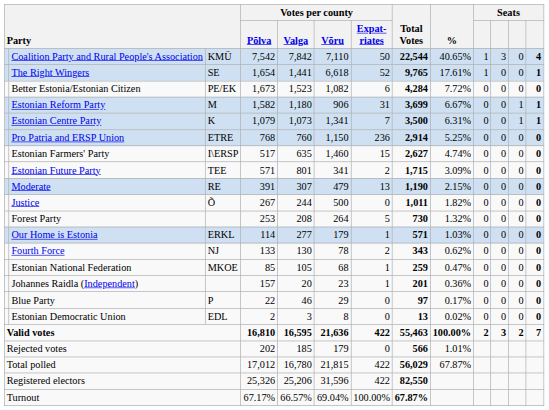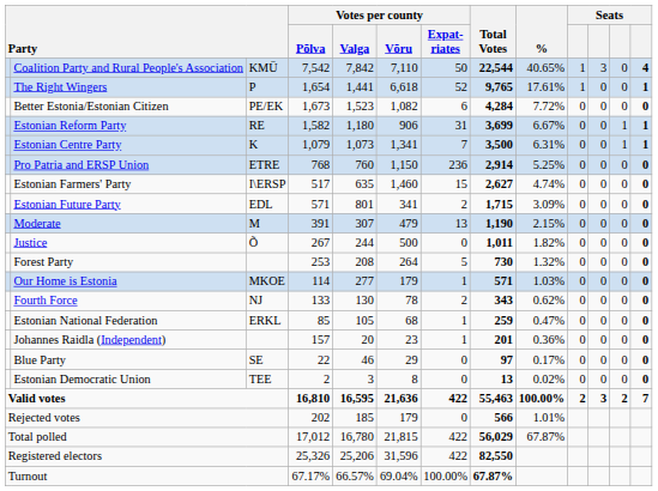 <table class="wikitable" border="1" style="text-align:right;">
 <tr>
 <th style="text-align:left;" valign=bottom rowspan=2 colspan=3>Party</th>
 <th colspan=4>Votes per county</th>
 <th align=center valign=bottom rowspan=2 width="50">Total Votes</th>
 <th align=center valign=bottom rowspan=2 width="50">%</th>
 <th colspan=4>Seats</th>
 </tr>
 <tr>
 <th align=center valign=bottom width="50"><a href='#'>Põlva</a></th>
 <th align=center valign=bottom width="50"><a href='#'>Valga</a></th>
 <th align=center valign=bottom width="50"><a href='#'>Võru</a></th>
 <th align=center valign=bottom width="50"><a href='#'>Expat- riates</a></th>
 <th align=center valign=bottom width="20"><small></small></th>
 <th align=center valign=bottom width="20"><small></small></th>
 <th align=center valign=bottom width="20"><small></small></th>
 <th align=center valign=bottom width="20"><small></small></th>
 </tr>
 <tr style="background:#CEE0F2;">
 <td style="background:"></td>
 <td align=left><a href='#'>Coalition Party and Rural People's Association</a></td>
 <td align=left>KMÜ</td>
 <td>7,542</td>
 <td>7,842</td>
 <td>7,110</td>
 <td>50</td>
 <td><strong>22,544</strong></td>
 <td>40.65%</td>
 <td>1</td>
 <td>3</td>
 <td>0</td>
 <td><strong>4</strong></td>
 </tr>
 <tr style="background:#CEE0F2;">
 <td></td>
 <td align=left><a href='#'>The Right Wingers</a></td>
-<td align=left>SE</td>
+<td align=left>P</td>
 <td>1,654</td>
 <td>1,441</td>
 <td>6,618</td>
 <td>52</td>
 <td><strong>9,765</strong></td>
 <td>17.61%</td>
 <td>1</td>
 <td>0</td>
 <td>0</td>
 <td><strong>1</strong></td>
 </tr>
 <tr>
 <td></td>
 <td align=left>Better Estonia/Estonian Citizen</td>
 <td align=left>PE/EK</td>
 <td>1,673</td>
 <td>1,523</td>
 <td>1,082</td>
 <td>6</td>
 <td><strong>4,284</strong></td>
 <td>7.72%</td>
 <td>0</td>
 <td>0</td>
 <td>0</td>
 <td><strong>0</strong></td>
 </tr>
 <tr style="background:#CEE0F2;">
 <td style="background:"></td>
 <td align=left><a href='#'>Estonian Reform Party</a></td>
-<td align=left>M</td>
+<td align=left>RE</td>
 <td>1,582</td>
 <td>1,180</td>
 <td>906</td>
 <td>31</td>
 <td><strong>3,699</strong></td>
 <td>6.67%</td>
 <td>0</td>
 <td>0</td>
 <td>1</td>
 <td><strong>1</strong></td>
 </tr>
 <tr style="background:#CEE0F2;">
 <td style="background:"></td>
 <td align=left><a href='#'>Estonian Centre Party</a></td>
 <td align=left>K</td>
 <td>1,079</td>
 <td>1,073</td>
 <td>1,341</td>
 <td>7</td>
 <td><strong>3,500</strong></td>
 <td>6.31%</td>
 <td>0</td>
 <td>0</td>
 <td>1</td>
 <td><strong>1</strong></td>
 </tr>
 <tr style="background:#CEE0F2;">
 <td style="background:"></td>
 <td align=left><a href='#'>Pro Patria and ERSP Union</a></td>
 <td align=left>ETRE</td>
 <td>768</td>
 <td>760</td>
 <td>1,150</td>
 <td>236</td>
 <td><strong>2,914</strong></td>
 <td>5.25%</td>
 <td>0</td>
 <td>0</td>
 <td>0</td>
 <td><strong>0</strong></td>
 </tr>
 <tr>
 <td></td>
 <td align=left>Estonian Farmers' Party</td>
 <td align=left>I\ERSP</td>
 <td>517</td>
 <td>635</td>
 <td>1,460</td>
 <td>15</td>
 <td><strong>2,627</strong></td>
 <td>4.74%</td>
 <td>0</td>
 <td>0</td>
 <td>0</td>
 <td><strong>0</strong></td>
 </tr>
 <tr>
 <td style="background:"></td>
 <td align=left><a href='#'>Estonian Future Party</a></td>
-<td align=left>TEE</td>
+<td align=left>EDL</td>
 <td>571</td>
 <td>801</td>
 <td>341</td>
 <td>2</td>
 <td><strong>1,715</strong></td>
 <td>3.09%</td>
 <td>0</td>
 <td>0</td>
 <td>0</td>
 <td><strong>0</strong></td>
 </tr>
 <tr style="background:#CEE0F2;">
 <td style="background:"></td>
 <td align=left><a href='#'>Moderate</a></td>
-<td align=left>RE</td>
+<td align=left>M</td>
 <td>391</td>
 <td>307</td>
 <td>479</td>
 <td>13</td>
 <td><strong>1,190</strong></td>
 <td>2.15%</td>
 <td>0</td>
 <td>0</td>
 <td>0</td>
 <td><strong>0</strong></td>
 </tr>
 <tr>
 <td style="background:"></td>
 <td align=left><a href='#'>Justice</a></td>
 <td align=left>Õ</td>
 <td>267</td>
 <td>244</td>
 <td>500</td>
 <td>0</td>
 <td><strong>1,011</strong></td>
 <td>1.82%</td>
 <td>0</td>
 <td>0</td>
 <td>0</td>
 <td><strong>0</strong></td>
 </tr>
 <tr>
 <td></td>
 <td align=left>Forest Party</td>
 <td></td>
 <td>253</td>
 <td>208</td>
 <td>264</td>
 <td>5</td>
 <td><strong>730</strong></td>
 <td>1.32%</td>
 <td>0</td>
 <td>0</td>
 <td>0</td>
 <td><strong>0</strong></td>
 </tr>
 <tr style="background:#CEE0F2;">
 <td style="background:"></td>
 <td align=left><a href='#'>Our Home is Estonia</a></td>
-<td align=left>ERKL</td>
+<td align=left>MKOE</td>
 <td>114</td>
 <td>277</td>
 <td>179</td>
 <td>1</td>
 <td><strong>571</strong></td>
 <td>1.03%</td>
 <td>0</td>
 <td>0</td>
 <td>0</td>
 <td><strong>0</strong></td>
 </tr>
 <tr>
 <td style="background:"></td>
 <td align=left><a href='#'>Fourth Force</a></td>
 <td align=left>NJ</td>
 <td>133</td>
 <td>130</td>
 <td>78</td>
 <td>2</td>
 <td><strong>343</strong></td>
 <td>0.62%</td>
 <td>0</td>
 <td>0</td>
 <td>0</td>
 <td><strong>0</strong></td>
 </tr>
 <tr>
 <td></td>
 <td align=left>Estonian National Federation</td>
-<td align=left>MKOE</td>
+<td align=left>ERKL</td>
 <td>85</td>
 <td>105</td>
 <td>68</td>
 <td>1</td>
 <td><strong>259</strong></td>
 <td>0.47%</td>
 <td>0</td>
 <td>0</td>
 <td>0</td>
 <td><strong>0</strong></td>
 </tr>
 <tr>
 <td style="background:"></td>
 <td align=left>Johannes Raidla (<a href='#'>Independent</a>)</td>
 <td></td>
 <td>157</td>
 <td>20</td>
 <td>23</td>
 <td>1</td>
 <td><strong>201</strong></td>
 <td>0.36%</td>
 <td>0</td>
 <td>0</td>
 <td>0</td>
 <td><strong>0</strong></td>
 </tr>
 <tr>
 <td></td>
 <td align=left>Blue Party</td>
-<td align=left>P</td>
+<td align=left>SE</td>
 <td>22</td>
 <td>46</td>
 <td>29</td>
 <td>0</td>
 <td><strong>97</strong></td>
 <td>0.17%</td>
 <td>0</td>
 <td>0</td>
 <td>0</td>
 <td><strong>0</strong></td>
 </tr>
 <tr>
 <td></td>
 <td align=left>Estonian Democratic Union</td>
-<td align=left>EDL</td>
+<td align=left>TEE</td>
 <td>2</td>
 <td>3</td>
 <td>8</td>
 <td>0</td>
 <td><strong>13</strong></td>
 <td>0.02%</td>
 <td>0</td>
 <td>0</td>
 <td>0</td>
 <td><strong>0</strong></td>
 </tr>
 <tr style="font-weight:bold">
 <td align=left colspan=3>Valid votes</td>
 <td>16,810</td>
 <td>16,595</td>
 <td>21,636</td>
 <td>422</td>
 <td>55,463</td>
 <td>100.00%</td>
 <td>2</td>
 <td>3</td>
 <td>2</td>
 <td>7</td>
 </tr>
 <tr>
 <td align=left colspan=3>Rejected votes</td>
 <td>202</td>
 <td>185</td>
 <td>179</td>
 <td>0</td>
 <td><strong>566</strong></td>
 <td>1.01%</td>
 <td></td>
 <td></td>
 <td></td>
 <td></td>
 </tr>
 <tr>
 <td align=left colspan=3>Total polled</td>
 <td>17,012</td>
 <td>16,780</td>
 <td>21,815</td>
 <td>422</td>
 <td><strong>56,029</strong></td>
 <td>67.87%</td>
 <td></td>
 <td></td>
 <td></td>
 <td></td>
 </tr>
 <tr>
 <td align=left colspan=3>Registered electors</td>
 <td>25,326</td>
 <td>25,206</td>
 <td>31,596</td>
 <td>422</td>
 <td><strong>82,550</strong></td>
 <td></td>
 <td></td>
 <td></td>
 <td></td>
 <td></td>
 </tr>
 <tr>
 <td align=left colspan=3>Turnout</td>
 <td>67.17%</td>
 <td>66.57%</td>
 <td>69.04%</td>
 <td>100.00%</td>
 <td><strong>67.87%</strong></td>
 <td></td>
 <td></td>
 <td></td>
 <td></td>
 <td></td>
 </tr>
 </table>
